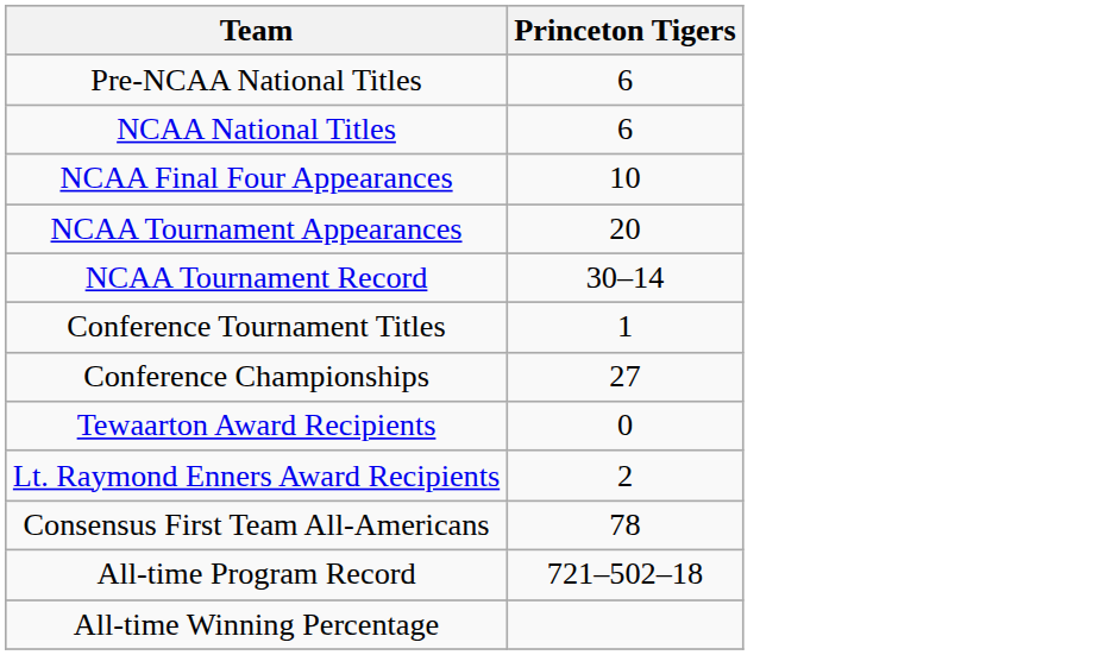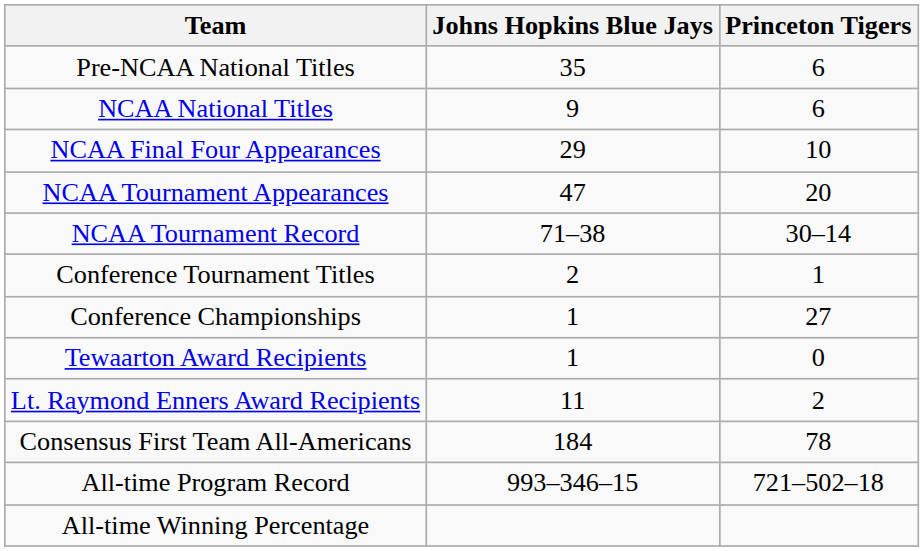 <table class="wikitable" style="text-align:center;">
 <tr>
 <th>Team</th>
+<th>Johns Hopkins Blue Jays</th>
 <th>Princeton Tigers</th>
 </tr>
 <tr>
 <td>Pre-NCAA National Titles</td>
+<td>35</td>
 <td>6</td>
 </tr>
 <tr>
 <td><a href='#'>NCAA National Titles</a></td>
+<td>9</td>
 <td>6</td>
 </tr>
 <tr>
 <td><a href='#'>NCAA Final Four Appearances</a></td>
+<td>29</td>
 <td>10</td>
 </tr>
 <tr>
 <td><a href='#'>NCAA Tournament Appearances</a></td>
+<td>47</td>
 <td>20</td>
 </tr>
 <tr>
 <td><a href='#'>NCAA Tournament Record</a></td>
+<td>71–38</td>
 <td>30–14</td>
 </tr>
 <tr>
 <td>Conference Tournament Titles</td>
+<td>2</td>
 <td>1</td>
 </tr>
 <tr>
 <td>Conference Championships</td>
+<td>1</td>
 <td>27</td>
 </tr>
 <tr>
 <td><a href='#'>Tewaarton Award Recipients</a></td>
+<td>1</td>
 <td>0</td>
 </tr>
 <tr>
 <td><a href='#'>Lt. Raymond Enners Award Recipients</a></td>
+<td>11</td>
 <td>2</td>
 </tr>
 <tr>
 <td>Consensus First Team All-Americans</td>
+<td>184</td>
 <td>78</td>
 </tr>
 <tr>
 <td>All-time Program Record</td>
+<td>993–346–15</td>
 <td>721–502–18</td>
 </tr>
 <tr>
 <td>All-time Winning Percentage</td>
 <td></td>
+<td></td>
 </tr>
 </table>
